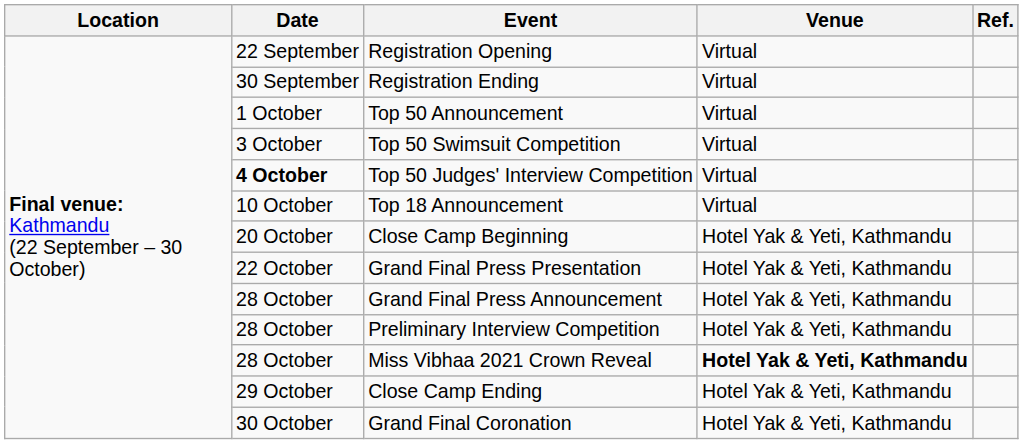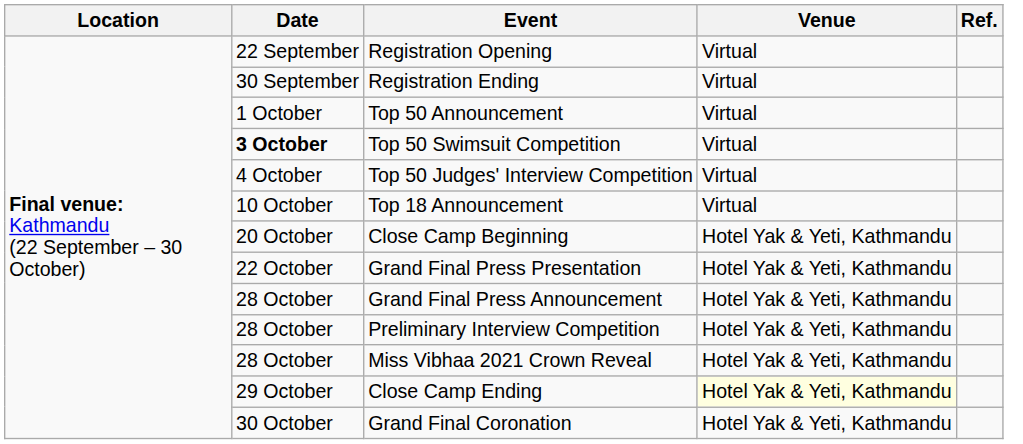 <table class="wikitable" style="font-size: 90%">
 <tr>
 <th width=160>Location</th>
 <th>Date</th>
 <th>Event</th>
 <th>Venue</th>
 <th>Ref.</th>
 </tr>
 <tr>
 <td rowspan=13><strong>Final venue:</strong> <a href='#'>Kathmandu</a><br>(22 September – 30 October)</td>
 <td>22 September</td>
 <td>Registration Opening</td>
 <td>Virtual</td>
 <td align=center></td>
 </tr>
 <tr>
 <td>30 September</td>
 <td>Registration Ending</td>
 <td>Virtual</td>
 <td align=center></td>
 </tr>
 <tr>
 <td>1 October</td>
 <td>Top 50 Announcement</td>
 <td>Virtual</td>
 <td align=center></td>
 </tr>
 <tr>
-<td>3 October</td>
+<td><strong>3 October</strong></td>
 <td>Top 50 Swimsuit Competition</td>
 <td>Virtual</td>
 <td align=center></td>
 </tr>
 <tr>
-<td><strong>4 October</strong></td>
+<td>4 October</td>
 <td>Top 50 Judges' Interview Competition</td>
 <td>Virtual</td>
 <td align=center></td>
 </tr>
 <tr>
 <td>10 October</td>
 <td>Top 18 Announcement</td>
 <td>Virtual</td>
 <td align=center></td>
 </tr>
 <tr>
 <td>20 October</td>
 <td>Close Camp Beginning</td>
 <td>Hotel Yak & Yeti, Kathmandu</td>
 <td align=center></td>
 </tr>
 <tr>
 <td>22 October</td>
 <td>Grand Final Press Presentation</td>
 <td>Hotel Yak & Yeti, Kathmandu</td>
 <td align=center></td>
 </tr>
 <tr>
 <td>28 October</td>
 <td>Grand Final Press Announcement</td>
 <td>Hotel Yak & Yeti, Kathmandu</td>
 <td align=center></td>
 </tr>
 <tr>
 <td>28 October</td>
 <td>Preliminary Interview Competition</td>
 <td>Hotel Yak & Yeti, Kathmandu</td>
 <td align=center></td>
 </tr>
 <tr>
 <td>28 October</td>
 <td>Miss Vibhaa 2021 Crown Reveal</td>
-<td><strong>Hotel Yak & Yeti, Kathmandu</strong></td>
+<td>Hotel Yak & Yeti, Kathmandu</td>
 <td align=center></td>
 </tr>
 <tr>
 <td>29 October</td>
 <td>Close Camp Ending</td>
-<td>Hotel Yak & Yeti, Kathmandu</td>
+<td style="background: lightyellow;">Hotel Yak & Yeti, Kathmandu</td>
 <td align=center></td>
 </tr>
 <tr>
 <td>30 October</td>
 <td>Grand Final Coronation</td>
 <td>Hotel Yak & Yeti, Kathmandu</td>
 <td align=center></td>
 </tr>
 </table>
